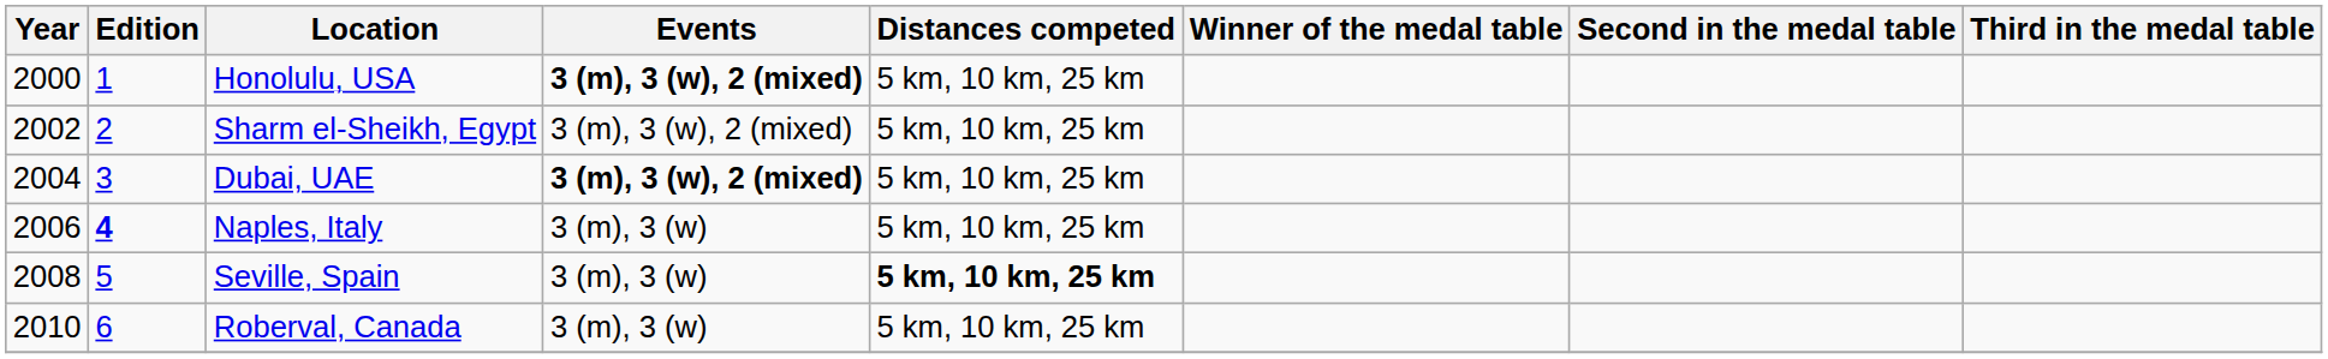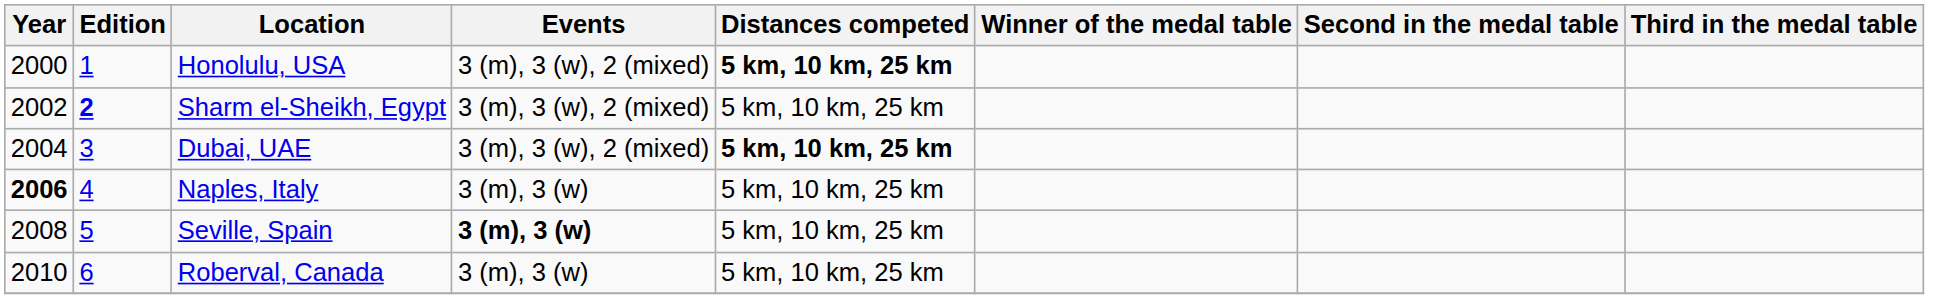 <table class="wikitable" style=font-size:98%;>
 <tr>
 <th>Year</th>
 <th>Edition</th>
 <th>Location</th>
 <th>Events</th>
 <th>Distances competed</th>
 <th>Winner of the medal table</th>
 <th>Second in the medal table</th>
 <th>Third in the medal table</th>
 </tr>
 <tr>
 <td>2000</td>
 <td><a href='#'>1</a></td>
 <td> <a href='#'>Honolulu, USA</a></td>
-<td><strong>3 (m), 3 (w), 2 (mixed)</strong></td>
-<td>5 km, 10 km, 25 km</td>
+<td>3 (m), 3 (w), 2 (mixed)</td>
+<td><strong>5 km, 10 km, 25 km</strong></td>
 <td></td>
 <td></td>
 <td></td>
 </tr>
 <tr>
 <td>2002</td>
-<td><a href='#'>2</a></td>
+<td><strong><a href='#'>2</a></strong></td>
 <td> <a href='#'>Sharm el-Sheikh, Egypt</a></td>
 <td>3 (m), 3 (w), 2 (mixed)</td>
 <td>5 km, 10 km, 25 km</td>
 <td></td>
 <td></td>
 <td></td>
 </tr>
 <tr>
 <td>2004</td>
 <td><a href='#'>3</a></td>
 <td> <a href='#'>Dubai, UAE</a></td>
-<td><strong>3 (m), 3 (w), 2 (mixed)</strong></td>
-<td>5 km, 10 km, 25 km</td>
+<td>3 (m), 3 (w), 2 (mixed)</td>
+<td><strong>5 km, 10 km, 25 km</strong></td>
 <td></td>
 <td></td>
 <td></td>
 </tr>
 <tr>
-<td>2006</td>
-<td><strong><a href='#'>4</a></strong></td>
+<td><strong>2006</strong></td>
+<td><a href='#'>4</a></td>
 <td> <a href='#'>Naples, Italy</a></td>
 <td>3 (m), 3 (w)</td>
 <td>5 km, 10 km, 25 km</td>
 <td></td>
 <td></td>
 <td></td>
 </tr>
 <tr>
 <td>2008</td>
 <td><a href='#'>5</a></td>
 <td> <a href='#'>Seville, Spain</a></td>
-<td>3 (m), 3 (w)</td>
-<td><strong>5 km, 10 km, 25 km</strong></td>
+<td><strong>3 (m), 3 (w)</strong></td>
+<td>5 km, 10 km, 25 km</td>
 <td></td>
 <td></td>
 <td></td>
 </tr>
 <tr>
 <td>2010</td>
 <td><a href='#'>6</a></td>
 <td> <a href='#'>Roberval, Canada</a></td>
 <td>3 (m), 3 (w)</td>
 <td>5 km, 10 km, 25 km</td>
 <td></td>
 <td></td>
 <td><br></td>
 </tr>
 <tr>
 </tr>
 </table>
